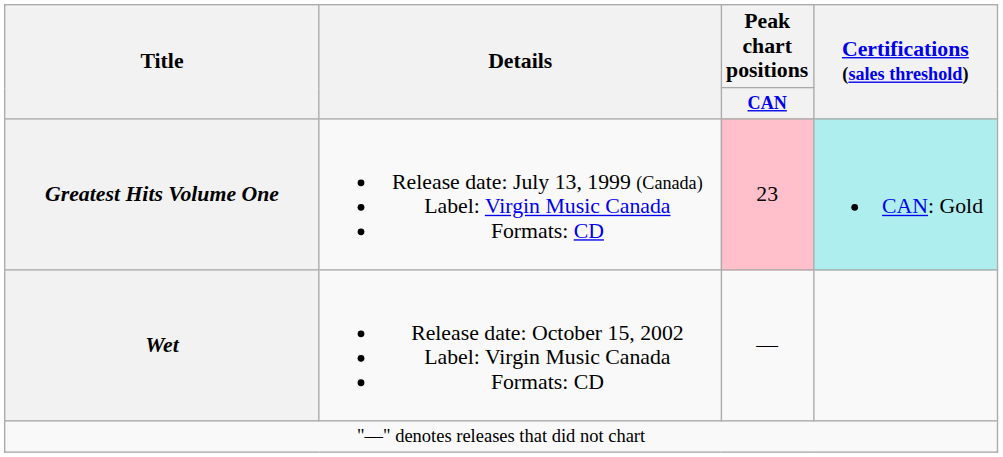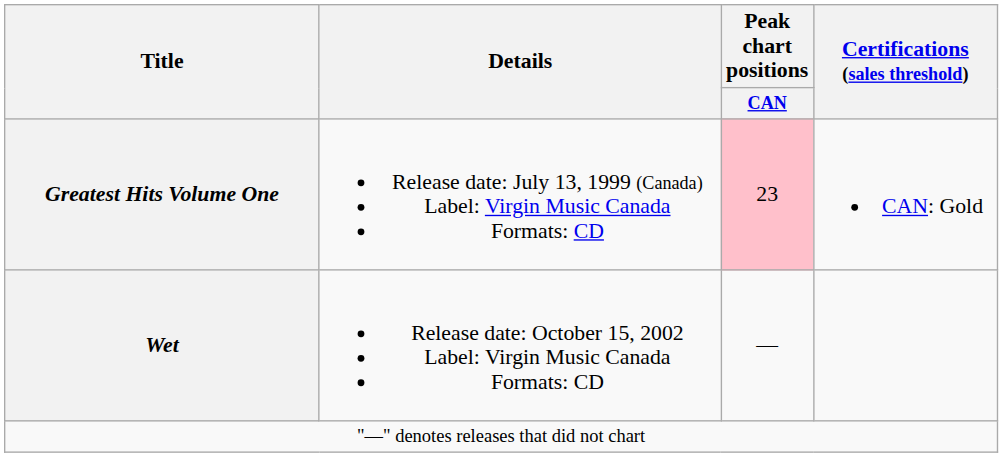 <table class="wikitable plainrowheaders" style="text-align:center;">
 <tr>
 <th rowspan="2" style="width:14em;">Title</th>
 <th rowspan="2" style="width:18em;">Details</th>
 <th colspan="1">Peak chart positions</th>
 <th rowspan="2" style="width:8em;"><a href='#'>Certifications</a><br><small>(<a href='#'>sales threshold</a>)</small></th>
 </tr>
 <tr style="font-size:smaller;">
 <th style="width:45px;"><a href='#'>CAN</a></th>
 </tr>
 <tr>
 <th scope="row"><em>Greatest Hits Volume One</em></th>
 <td><br><ul><li>Release date: July 13, 1999 <small>(Canada)</small></li><li>Label: <a href='#'>Virgin Music Canada</a></li><li>Formats: <a href='#'>CD</a></li></ul></td>
 <td style="background: pink;">23</td>
-<td style="background: paleturquoise;"><br><ul><li><a href='#'>CAN</a>: Gold</li></ul></td>
+<td><br><ul><li><a href='#'>CAN</a>: Gold</li></ul></td>
 </tr>
 <tr>
 <th scope="row"><em>Wet</em></th>
 <td><br><ul><li>Release date: October 15, 2002</li><li>Label: Virgin Music Canada</li><li>Formats: CD</li></ul></td>
 <td>—</td>
 <td></td>
 </tr>
 <tr>
 <td colspan="10" style="font-size:85%">"—" denotes releases that did not chart</td>
 </tr>
 </table>
